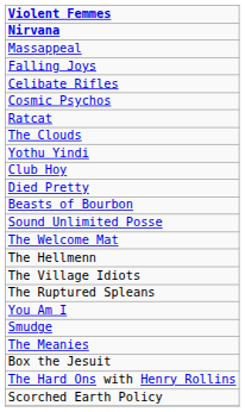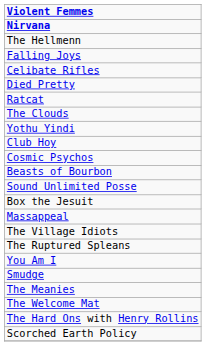 <table class="wikitable" style="line-height:0.95em;">
 <tr>
 <td><strong><a href='#'>Violent Femmes</a></strong></td>
 </tr>
 <tr>
 <td><strong><a href='#'>Nirvana</a></strong></td>
 </tr>
 <tr>
-<td><a href='#'>Massappeal</a></td>
+<td>The Hellmenn</td>
 </tr>
 <tr>
 <td><a href='#'>Falling Joys</a></td>
 </tr>
 <tr>
 <td><a href='#'>Celibate Rifles</a></td>
 </tr>
 <tr>
-<td><a href='#'>Cosmic Psychos</a></td>
+<td><a href='#'>Died Pretty</a></td>
 </tr>
 <tr>
 <td><a href='#'>Ratcat</a></td>
 </tr>
 <tr>
 <td><a href='#'>The Clouds</a></td>
 </tr>
 <tr>
 <td><a href='#'>Yothu Yindi</a></td>
 </tr>
 <tr>
 <td><a href='#'>Club Hoy</a></td>
 </tr>
 <tr>
-<td><a href='#'>Died Pretty</a></td>
+<td><a href='#'>Cosmic Psychos</a></td>
 </tr>
 <tr>
 <td><a href='#'>Beasts of Bourbon</a></td>
 </tr>
 <tr>
 <td><a href='#'>Sound Unlimited Posse</a></td>
 </tr>
 <tr>
-<td><a href='#'>The Welcome Mat</a></td>
+<td>Box the Jesuit</td>
 </tr>
 <tr>
-<td>The Hellmenn</td>
+<td><a href='#'>Massappeal</a></td>
 </tr>
 <tr>
 <td>The Village Idiots</td>
 </tr>
 <tr>
 <td>The Ruptured Spleans</td>
 </tr>
 <tr>
 <td><a href='#'>You Am I</a></td>
 </tr>
 <tr>
 <td><a href='#'>Smudge</a></td>
 </tr>
 <tr>
 <td><a href='#'>The Meanies</a></td>
 </tr>
 <tr>
-<td>Box the Jesuit</td>
+<td><a href='#'>The Welcome Mat</a></td>
 </tr>
 <tr>
 <td><a href='#'>The Hard Ons</a> with <a href='#'>Henry Rollins</a></td>
 </tr>
 <tr>
 <td>Scorched Earth Policy</td>
 </tr>
 <tr>
 </tr>
 </table>
